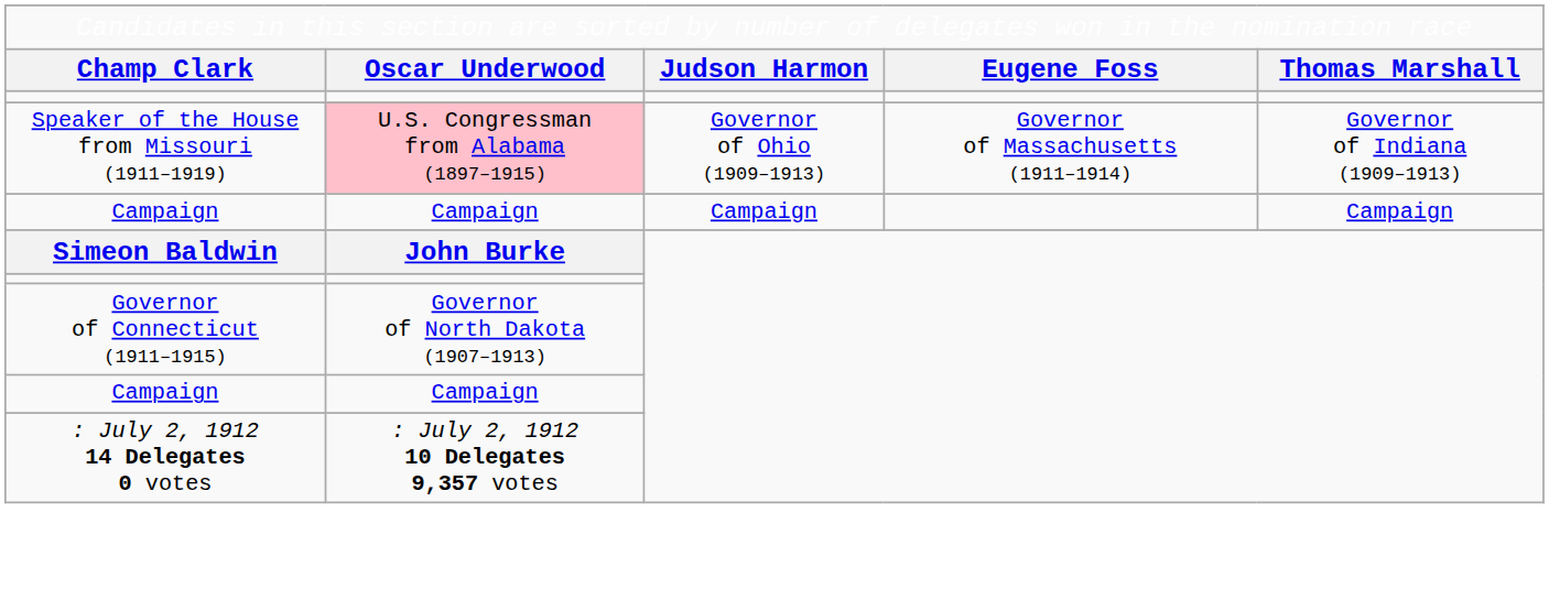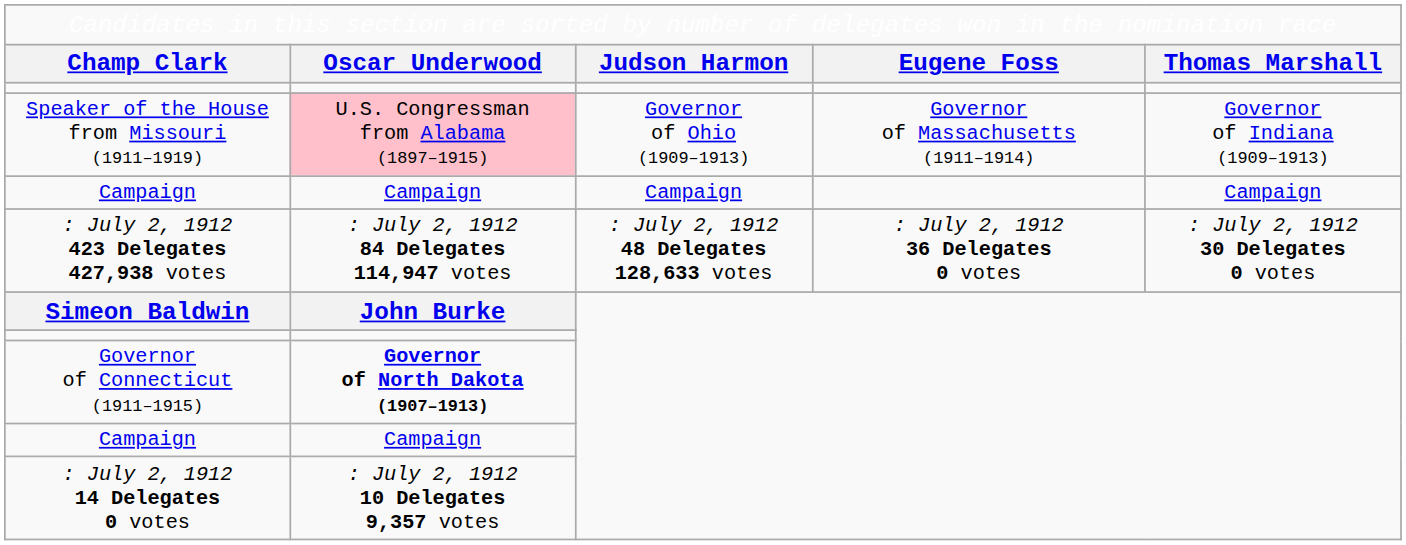 <table class="wikitable" style="font-size:90%">
 <tr>
 <td colspan="5" style="text-align:center; width:800px; font-size:120%; color:white; background:"><em>Candidates in this section are sorted by number of delegates won in the nomination race</em></td>
 </tr>
 <tr>
 <th scope="col" style="width:3em; font-size:120%;"><a href='#'>Champ Clark</a></th>
 <th scope="col" style="width:3em; font-size:120%;"><a href='#'>Oscar Underwood</a></th>
 <th scope="col" style="width:3em; font-size:120%;"><a href='#'>Judson Harmon</a></th>
 <th scope="col" style="width:3em; font-size:120%;"><a href='#'>Eugene Foss</a></th>
 <th scope="col" style="width:3em; font-size:120%;"><a href='#'>Thomas Marshall</a></th>
 </tr>
 <tr>
 <td></td>
 <td></td>
 <td></td>
 <td></td>
 <td></td>
 </tr>
 <tr style="text-align:center">
 <td><a href='#'>Speaker of the House</a><br>from <a href='#'>Missouri</a><br><small>(1911–1919)</small></td>
 <td style="background: pink;">U.S. Congressman<br>from <a href='#'>Alabama</a><br><small>(1897–1915)</small></td>
 <td><a href='#'>Governor</a><br>of <a href='#'>Ohio</a><br><small>(1909–1913)</small></td>
 <td><a href='#'>Governor</a><br>of <a href='#'>Massachusetts</a><br><small>(1911–1914)</small></td>
 <td><a href='#'>Governor</a><br>of <a href='#'>Indiana</a><br><small>(1909–1913)</small></td>
 </tr>
 <tr style="text-align:center">
 <td><a href='#'>Campaign</a></td>
 <td><a href='#'>Campaign</a></td>
 <td><a href='#'>Campaign</a></td>
 <td></td>
 <td><a href='#'>Campaign</a></td>
 </tr>
+<tr style="text-align:center">
+<td><em>: July 2, 1912</em><br><strong>423 Delegates<br>427,938</strong> votes</td>
+<td><em>: July 2, 1912</em><br><strong>84 Delegates<br>114,947</strong> votes</td>
+<td><em>: July 2, 1912</em><br><strong>48 Delegates<br>128,633</strong> votes</td>
+<td><em>: July 2, 1912</em><br><strong>36 Delegates<br>0</strong> votes</td>
+<td><em>: July 2, 1912</em><br><strong>30 Delegates<br>0</strong> votes</td>
+</tr>
 <tr>
 <th scope="col" style="width:3em; font-size:120%;"><a href='#'>Simeon Baldwin</a></th>
 <th scope="col" style="width:3em; font-size:120%;"><a href='#'>John Burke</a></th>
 </tr>
 <tr>
 <td></td>
 <td></td>
 </tr>
 <tr style="text-align:center">
 <td><a href='#'>Governor</a><br>of <a href='#'>Connecticut</a><br><small>(1911–1915)</small></td>
-<td><a href='#'>Governor</a><br>of <a href='#'>North Dakota</a><br><small>(1907–1913)</small></td>
+<td><strong><a href='#'>Governor</a><br>of <a href='#'>North Dakota</a><br><small>(1907–1913)</small></strong></td>
 </tr>
 <tr style="text-align:center">
 <td><a href='#'>Campaign</a></td>
 <td><a href='#'>Campaign</a></td>
 </tr>
 <tr style="text-align:center">
 <td><em>: July 2, 1912</em><br><strong>14 Delegates<br>0</strong> votes</td>
 <td><em>: July 2, 1912</em><br><strong>10 Delegates<br>9,357</strong> votes</td>
 </tr>
 </table>
